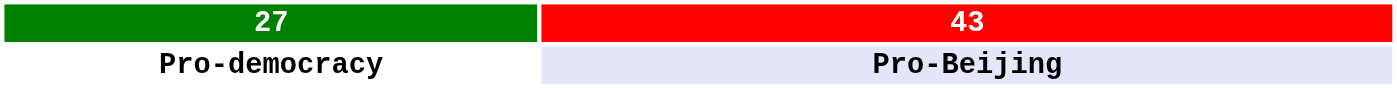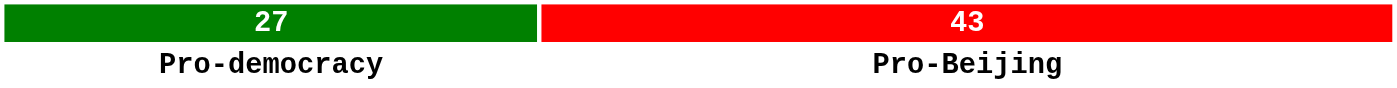 <table style="width:50%; text-align:center;">
 <tr style="color:white;">
 <td style="background:green; width:38.57%;"><strong>27</strong></td>
 <td style="background:red; width:61.43%;"><strong>43</strong></td>
 </tr>
 <tr>
 <td><span><strong>Pro-democracy</strong></span></td>
-<td style="background: lavender;"><span><strong>Pro-Beijing</strong></span></td>
+<td><span><strong>Pro-Beijing</strong></span></td>
 </tr>
 </table>
